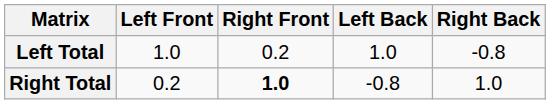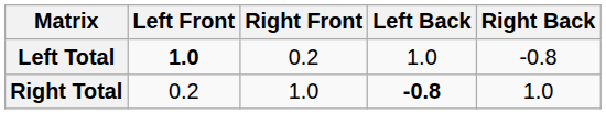 <table class="wikitable" style="text-align:center">
 <tr>
 <th>Matrix</th>
 <th>Left Front</th>
 <th>Right Front</th>
 <th>Left Back</th>
 <th>Right Back</th>
 </tr>
 <tr>
 <th>Left Total</th>
-<td>1.0</td>
+<td><strong>1.0</strong></td>
 <td>0.2</td>
 <td>1.0</td>
 <td>-0.8</td>
 </tr>
 <tr>
 <th>Right Total</th>
 <td>0.2</td>
-<td><strong>1.0</strong></td>
-<td>-0.8</td>
+<td>1.0</td>
+<td><strong>-0.8</strong></td>
 <td>1.0</td>
 </tr>
 </table>
